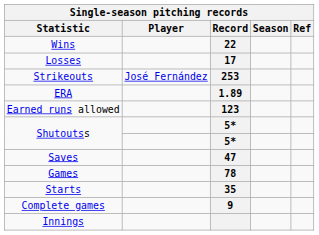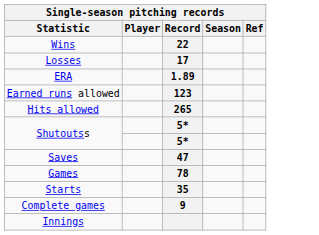 <table class="wikitable sortable" style="text-align:center">
 <tr>
 <th colspan=5>Single-season pitching records</th>
 </tr>
 <tr>
 <th scope="col">Statistic</th>
 <th scope="col">Player</th>
 <th scope="col" class="unsortable">Record</th>
 <th scope="col">Season</th>
 <th scope="col" class="unsortable">Ref</th>
 </tr>
 <tr>
 <td><a href='#'>Wins</a></td>
 <td></td>
 <th scope="row">22</th>
 <td></td>
 <td></td>
 </tr>
 <tr>
 <td><a href='#'>Losses</a></td>
 <td></td>
 <th scope="row">17</th>
 <td></td>
 <td></td>
 </tr>
 <tr>
-<td><a href='#'>Strikeouts</a></td>
-<td><a href='#'>José Fernández</a></td>
-<th scope="row">253</th>
-<td></td>
-<td></td>
-</tr>
-<tr>
 <td><a href='#'>ERA</a></td>
 <td></td>
 <th scope="row">1.89</th>
 <td></td>
 <td></td>
 </tr>
 <tr>
 <td><a href='#'>Earned runs</a> allowed</td>
 <td></td>
 <th scope="row">123</th>
+<td></td>
+<td></td>
+</tr>
+<tr>
+<td><a href='#'>Hits allowed</a></td>
+<td></td>
+<th scope="row">265</th>
 <td></td>
 <td></td>
 </tr>
 <tr>
 <td rowspan=2><a href='#'>Shutouts</a>s</td>
 <td></td>
 <th scope="row">5*</th>
 <td></td>
 <td></td>
 </tr>
 <tr>
 <td></td>
 <th scope="row">5*</th>
 <td></td>
 <td></td>
 </tr>
 <tr>
 <td><a href='#'>Saves</a></td>
 <td></td>
 <th scope="row">47</th>
 <td></td>
 <td></td>
 </tr>
 <tr>
 <td><a href='#'>Games</a></td>
 <td></td>
 <th scope="row">78</th>
 <td></td>
 <td></td>
 </tr>
 <tr>
 <td><a href='#'>Starts</a></td>
 <td></td>
 <th scope="row">35</th>
 <td></td>
 <td></td>
 </tr>
 <tr>
 <td><a href='#'>Complete games</a></td>
 <td></td>
 <th scope="row">9</th>
 <td></td>
 <td></td>
 </tr>
 <tr>
 <td><a href='#'>Innings</a></td>
 <td></td>
 <th scope="row"></th>
 <td></td>
 <td></td>
 </tr>
 </table>
